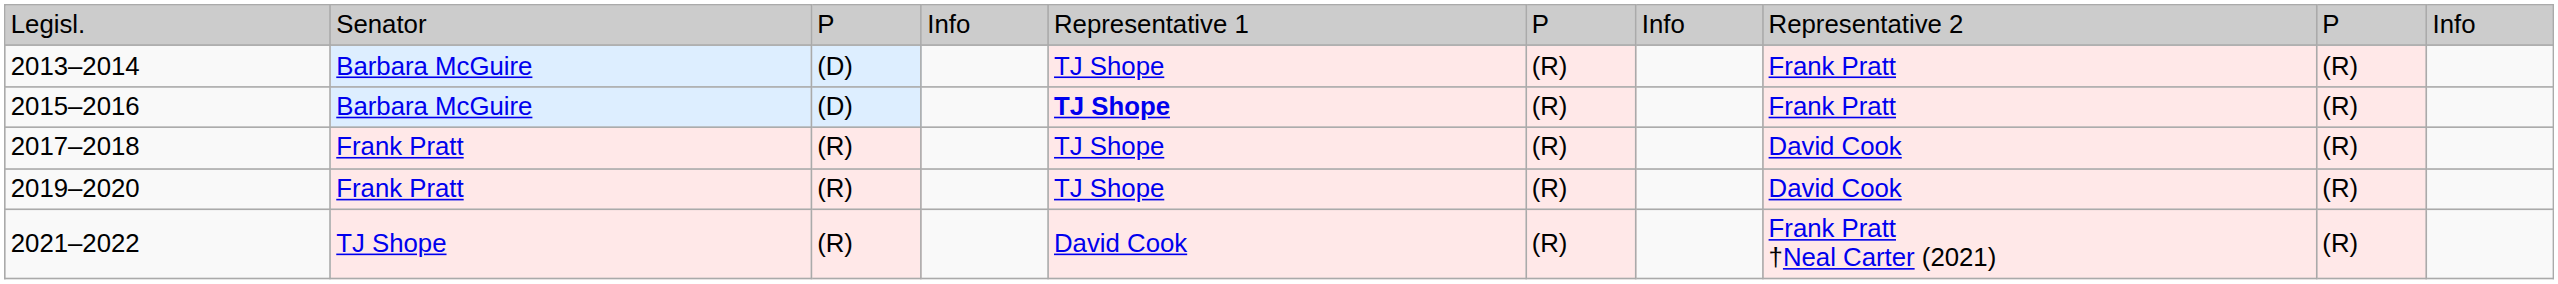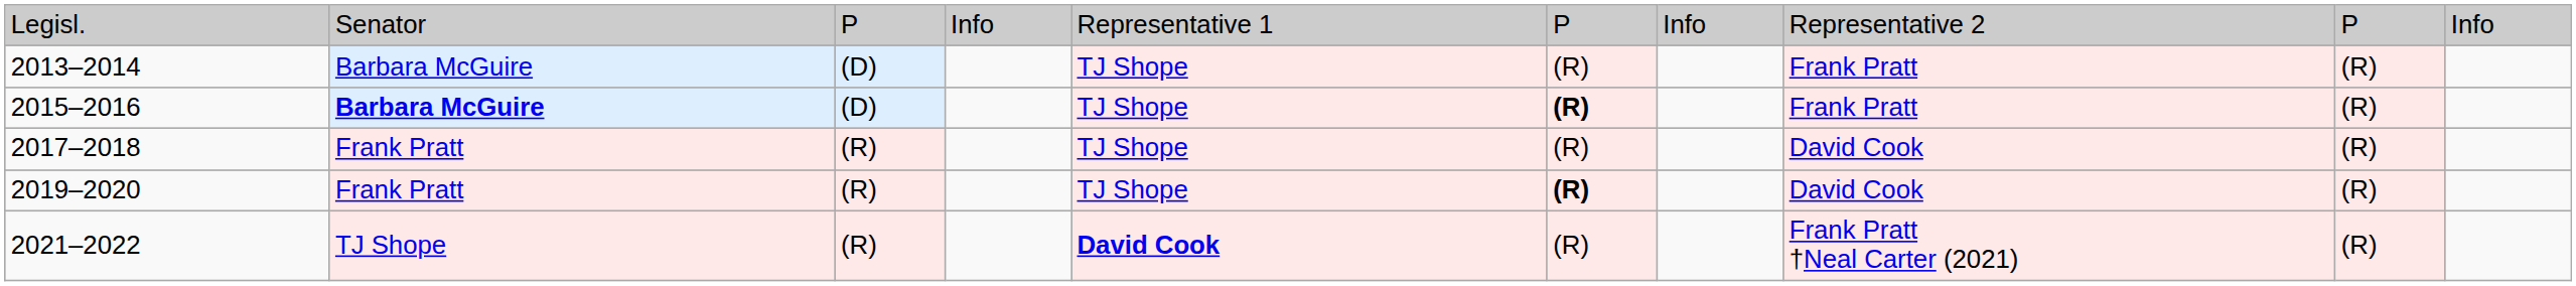 <table class=wikitable width="100%" border="1">
 <tr style="background-color:#cccccc;">
 <td>Legisl.</td>
 <td>Senator</td>
 <td>P</td>
 <td>Info</td>
 <td>Representative 1</td>
 <td>P</td>
 <td>Info</td>
 <td>Representative 2</td>
 <td>P</td>
 <td>Info</td>
 </tr>
 <tr>
 <td>2013–2014</td>
 <td style="background:#DDEEFF"><a href='#'>Barbara McGuire</a></td>
 <td style="background:#DDEEFF">(D)</td>
 <td></td>
 <td style="background:#FFE8E8"><a href='#'>TJ Shope</a></td>
 <td style="background:#FFE8E8">(R)</td>
 <td></td>
 <td style="background:#FFE8E8"><a href='#'>Frank Pratt</a></td>
 <td style="background:#FFE8E8">(R)</td>
 <td></td>
 </tr>
 <tr>
 <td>2015–2016</td>
-<td style="background:#DDEEFF"><a href='#'>Barbara McGuire</a></td>
+<td style="background:#DDEEFF"><strong><a href='#'>Barbara McGuire</a></strong></td>
 <td style="background:#DDEEFF">(D)</td>
 <td></td>
-<td style="background:#FFE8E8"><strong><a href='#'>TJ Shope</a></strong></td>
-<td style="background:#FFE8E8">(R)</td>
+<td style="background:#FFE8E8"><a href='#'>TJ Shope</a></td>
+<td style="background:#FFE8E8"><strong>(R)</strong></td>
 <td></td>
 <td style="background:#FFE8E8"><a href='#'>Frank Pratt</a></td>
 <td style="background:#FFE8E8">(R)</td>
 <td></td>
 </tr>
 <tr>
 <td>2017–2018</td>
 <td style="background:#FFE8E8"><a href='#'>Frank Pratt</a></td>
 <td style="background:#FFE8E8">(R)</td>
 <td></td>
 <td style="background:#FFE8E8"><a href='#'>TJ Shope</a></td>
 <td style="background:#FFE8E8">(R)</td>
 <td></td>
 <td style="background:#FFE8E8"><a href='#'>David Cook</a></td>
 <td style="background:#FFE8E8">(R)</td>
 <td></td>
 </tr>
 <tr>
 <td>2019–2020</td>
 <td style="background:#FFE8E8"><a href='#'>Frank Pratt</a></td>
 <td style="background:#FFE8E8">(R)</td>
 <td></td>
 <td style="background:#FFE8E8"><a href='#'>TJ Shope</a></td>
-<td style="background:#FFE8E8">(R)</td>
+<td style="background:#FFE8E8"><strong>(R)</strong></td>
 <td></td>
 <td style="background:#FFE8E8"><a href='#'>David Cook</a></td>
 <td style="background:#FFE8E8">(R)</td>
 <td></td>
 </tr>
 <tr>
 <td>2021–2022</td>
 <td style="background:#FFE8E8"><a href='#'>TJ Shope</a></td>
 <td style="background:#FFE8E8">(R)</td>
 <td></td>
-<td style="background:#FFE8E8"><a href='#'>David Cook</a></td>
+<td style="background:#FFE8E8"><strong><a href='#'>David Cook</a></strong></td>
 <td style="background:#FFE8E8">(R)</td>
 <td></td>
 <td style="background:#FFE8E8"><a href='#'>Frank Pratt</a><br>†<a href='#'>Neal Carter</a> (2021)</td>
 <td style="background:#FFE8E8">(R)</td>
 <td></td>
 </tr>
 </table>
